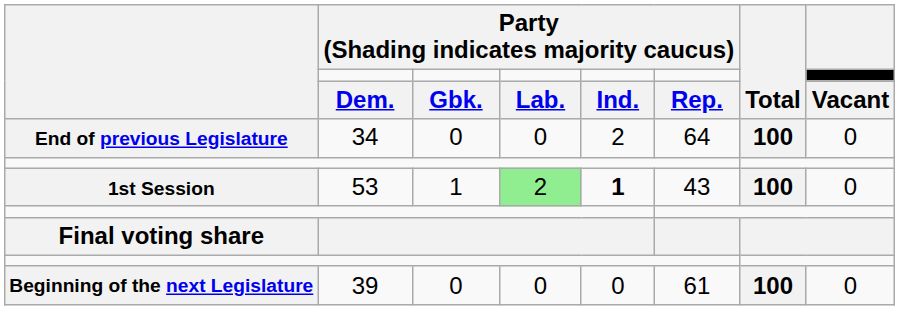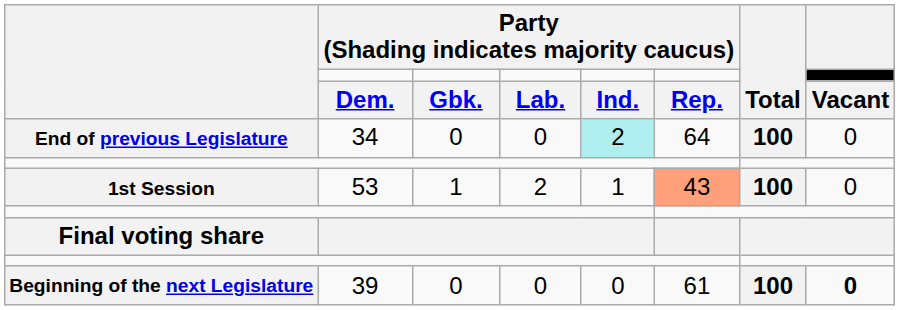 <table class=wikitable style="text-align:center">
 <tr style="vertical-align:bottom;">
 <th rowspan=3></th>
 <th colspan=5>Party <div>(Shading indicates majority caucus)</div></th>
 <th rowspan=3>Total</th>
 <th></th>
 </tr>
 <tr style="height:5px">
 <td style="background-color:"></td>
 <td style="background-color:"></td>
 <td style="background-color:"></td>
 <td style="background-color:"></td>
 <td style="background-color:"></td>
 <td style="background:black;"></td>
 </tr>
 <tr>
 <th><a href='#'>Dem.</a></th>
 <th><a href='#'>Gbk.</a></th>
 <th><a href='#'>Lab.</a></th>
 <th><a href='#'>Ind.</a></th>
 <th><a href='#'>Rep.</a></th>
 <th>Vacant</th>
 </tr>
 <tr>
 <th style="font-size:80%;">End of <a href='#'>previous Legislature</a></th>
 <td>34</td>
 <td>0</td>
 <td>0</td>
-<td>2</td>
+<td style="background: paleturquoise;">2</td>
 <td>64</td>
 <th>100</th>
 <td>0</td>
 </tr>
 <tr>
 <td colspan=6></td>
 </tr>
 <tr>
 <th style="font-size:80%;">1st Session</th>
 <td>53</td>
 <td>1</td>
-<td style="background: lightgreen;">2</td>
-<td><strong>1</strong></td>
-<td>43</td>
+<td>2</td>
+<td>1</td>
+<td style="background: lightsalmon;">43</td>
 <th>100</th>
 <td>0</td>
 </tr>
 <tr>
 <td colspan=5></td>
 </tr>
 <tr>
 <th>Final voting share</th>
 <th colspan=4 ></th>
 <th></th>
 <th colspan=2></th>
 </tr>
 <tr>
 <td colspan=6></td>
 </tr>
 <tr>
 <th style="font-size:80%;">Beginning of the <a href='#'>next Legislature</a></th>
 <td>39</td>
 <td>0</td>
 <td>0</td>
 <td>0</td>
 <td>61</td>
 <th>100</th>
-<td>0</td>
+<td><strong>0</strong></td>
 </tr>
 </table>
